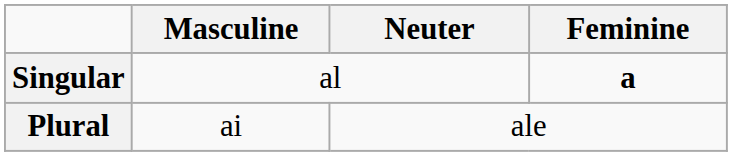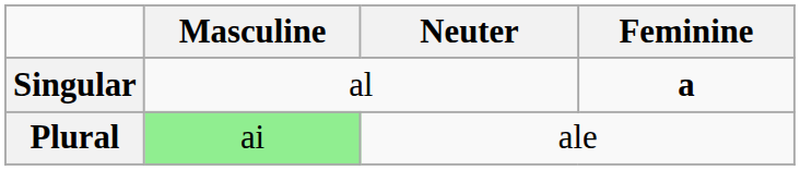 <table class="wikitable">
 <tr>
 <td></td>
 <th style="width: 6em">Masculine</th>
 <th style="width: 6em">Neuter</th>
 <th style="width: 6em">Feminine</th>
 </tr>
 <tr>
 <th>Singular</th>
 <td style="text-align:center" colspan=2>al</td>
 <td style="text-align:center"><strong>a</strong></td>
 </tr>
 <tr>
 <th>Plural</th>
-<td style="text-align:center">ai</td>
+<td style="background: lightgreen; text-align:center">ai</td>
 <td style="text-align:center" colspan=2>ale</td>
 </tr>
 </table>
